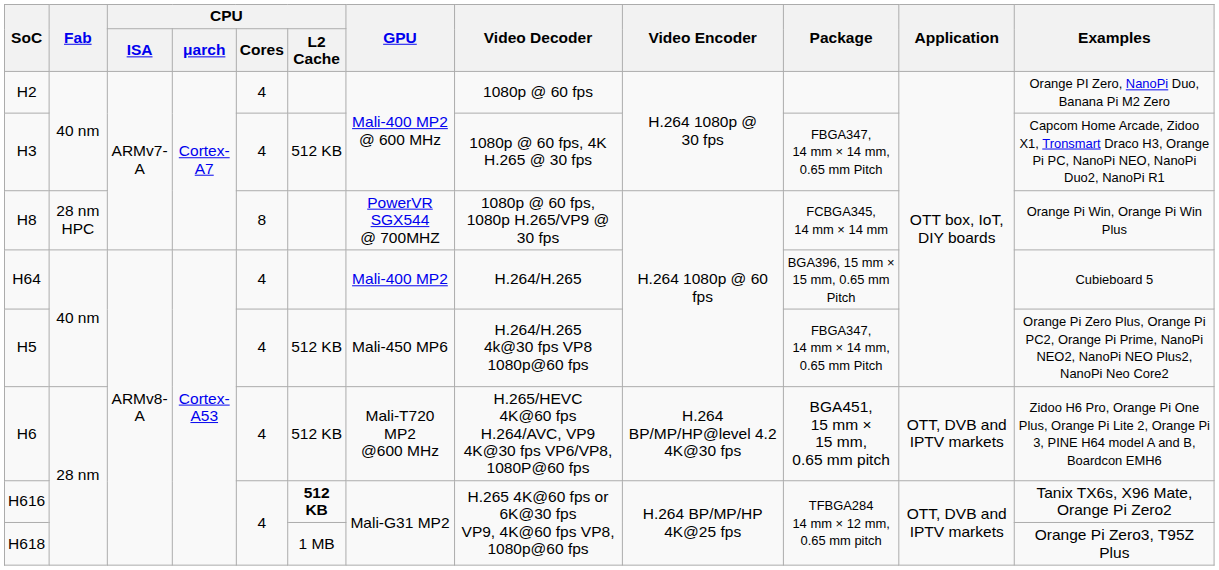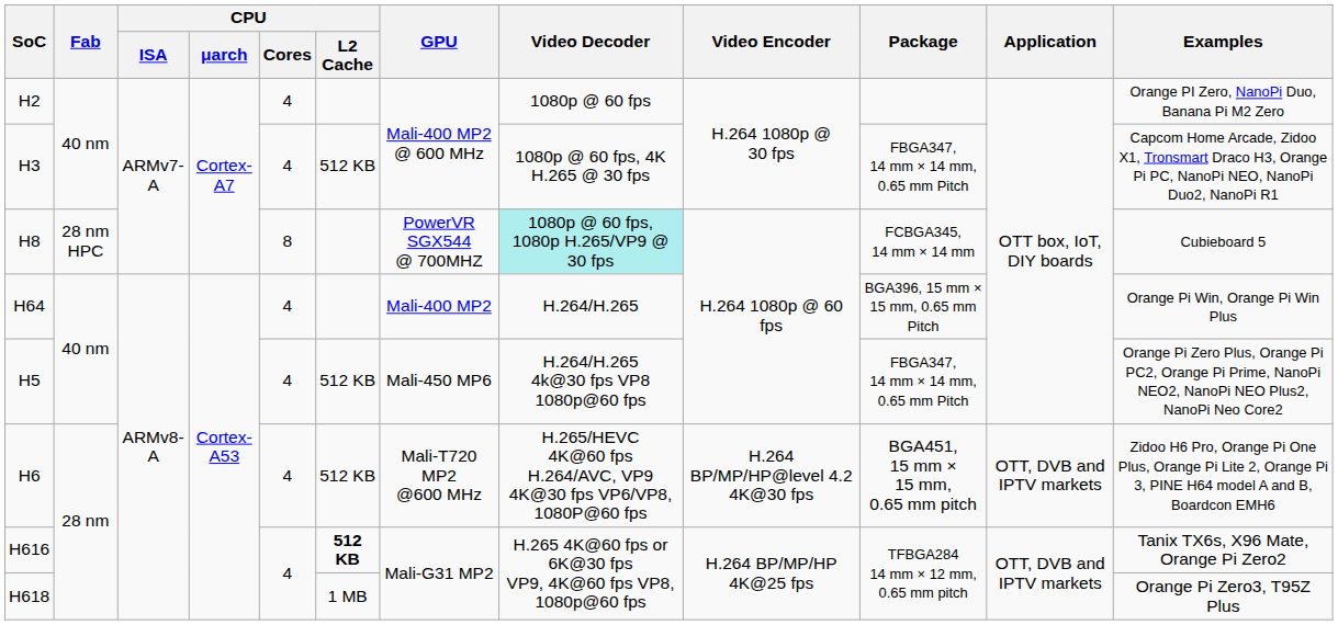 <table class="wikitable" style="text-align:center">
 <tr>
 <th rowspan="2">SoC</th>
 <th rowspan="2"><a href='#'>Fab</a></th>
 <th colspan="4">CPU</th>
 <th rowspan="2"><a href='#'>GPU</a></th>
 <th rowspan="2">Video Decoder</th>
 <th rowspan="2">Video Encoder</th>
 <th rowspan="2">Package</th>
 <th rowspan="2">Application</th>
 <th rowspan="2">Examples</th>
 </tr>
 <tr>
 <th><a href='#'>ISA</a></th>
 <th><a href='#'>μarch</a></th>
 <th>Cores</th>
 <th>L2 Cache</th>
 </tr>
 <tr>
 <td>H2</td>
 <td rowspan="2">40 nm</td>
 <td rowspan="3">ARMv7-A</td>
 <td rowspan="3"><a href='#'>Cortex-A7</a></td>
 <td>4</td>
 <td></td>
 <td rowspan="2"><a href='#'>Mali-400 MP2</a><br>@ 600 MHz</td>
 <td>1080p @ 60 fps</td>
 <td rowspan="2">H.264 1080p @ 30 fps</td>
 <td></td>
 <td rowspan="5">OTT box, IoT, DIY boards</td>
 <td><small>Orange PI Zero, <a href='#'>NanoPi</a> Duo, Banana Pi M2 Zero</small></td>
 </tr>
 <tr>
 <td>H3<br></td>
 <td>4</td>
 <td>512 KB</td>
 <td>1080p @ 60 fps, 4K H.265 @ 30 fps</td>
 <td><small>FBGA347, 14 mm × 14 mm, 0.65 mm Pitch</small></td>
 <td><small>Capcom Home Arcade</small><small>, Zidoo X1, <a href='#'>Tronsmart</a> Draco H3, Orange Pi PC, NanoPi NEO, NanoPi Duo2, NanoPi R1</small></td>
 </tr>
 <tr>
 <td>H8</td>
 <td>28 nm HPC</td>
 <td>8</td>
 <td></td>
 <td><a href='#'>PowerVR SGX544</a><br>@ 700MHZ</td>
-<td>1080p @ 60 fps, 1080p H.265/VP9 @ 30 fps</td>
+<td style="background: paleturquoise;">1080p @ 60 fps, 1080p H.265/VP9 @ 30 fps</td>
 <td rowspan="3">H.264 1080p @ 60 fps</td>
 <td><small>FCBGA345, 14 mm × 14 mm</small></td>
-<td><small>Orange Pi Win, Orange Pi Win Plus</small></td>
+<td><small>Cubieboard 5</small></td>
 </tr>
 <tr>
 <td>H64</td>
 <td rowspan="2">40 nm</td>
 <td rowspan="5">ARMv8-A</td>
 <td rowspan="5"><a href='#'>Cortex-A53</a></td>
 <td>4</td>
 <td></td>
 <td><a href='#'>Mali-400 MP2</a></td>
 <td>H.264/H.265</td>
 <td><small>BGA396, 15 mm × 15 mm, 0.65 mm Pitch</small></td>
-<td><small>Cubieboard 5</small></td>
+<td><small>Orange Pi Win, Orange Pi Win Plus</small></td>
 </tr>
 <tr>
 <td>H5</td>
 <td>4</td>
 <td>512 KB</td>
 <td>Mali-450 MP6</td>
 <td>H.264/H.265 4k@30 fps VP8 1080p@60 fps</td>
 <td><small>FBGA347, 14 mm × 14 mm, 0.65 mm Pitch</small></td>
 <td><small>Orange Pi Zero Plus, Orange Pi PC2, Orange Pi Prime, NanoPi NEO2, NanoPi NEO Plus2,</small> <small>NanoPi Neo Core2</small></td>
 </tr>
 <tr>
 <td>H6</td>
 <td rowspan="3">28 nm</td>
 <td>4</td>
 <td>512 KB</td>
 <td>Mali-T720 MP2 @600 MHz</td>
 <td>H.265/HEVC 4K@60 fps<br>H.264/AVC, VP9 4K@30 fps VP6/VP8, 1080P@60 fps</td>
 <td>H.264 BP/MP/HP@level 4.2 4K@30 fps</td>
 <td>BGA451, 15 mm × 15 mm,<br>0.65 mm pitch</td>
 <td>OTT, DVB and IPTV markets</td>
 <td><small>Zidoo H6 Pro, Orange Pi One Plus, Orange Pi Lite 2, Orange Pi 3, PINE H64 model A and B, Boardcon EMH6</small></td>
 </tr>
 <tr>
 <td>H616 </td>
 <td rowspan="2">4</td>
 <td><strong>512 KB</strong></td>
 <td rowspan="2">Mali-G31 MP2</td>
 <td rowspan="2">H.265 4K@60 fps or 6K@30 fps<br>VP9, 4K@60 fps VP8, 1080p@60 fps</td>
 <td rowspan="2">H.264 BP/MP/HP 4K@25 fps</td>
 <td rowspan="2"><small>TFBGA284 14 mm × 12 mm,</small> <small>0.65 mm pitch</small></td>
 <td rowspan="2">OTT, DVB and IPTV markets</td>
 <td>Tanix TX6s, X96 Mate, Orange Pi Zero2</td>
 </tr>
 <tr>
 <td>H618 </td>
 <td>1 MB</td>
 <td>Orange Pi Zero3, T95Z Plus</td>
 </tr>
 </table>
